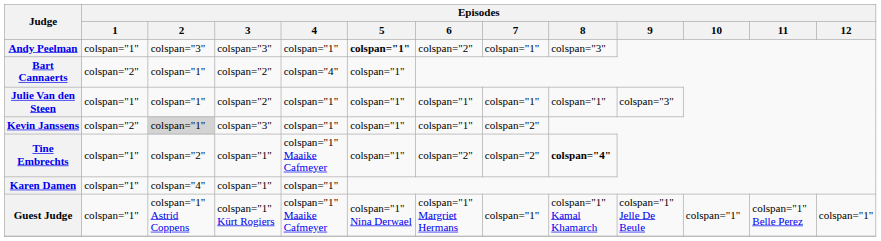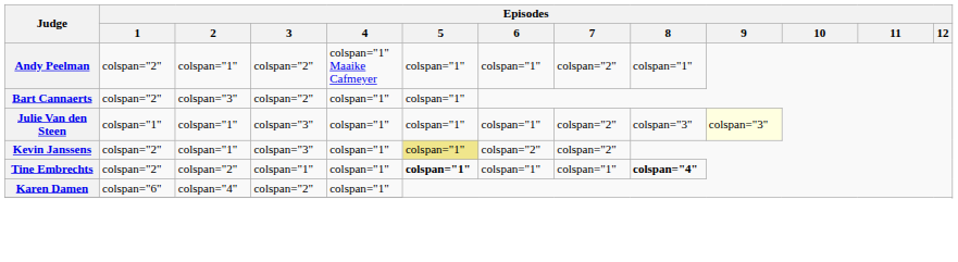 <table class="wikitable plainrowheaders collapsible mw-collapsible" style="width:100%">
 <tr>
 <th rowspan="2" style="width:10%">Judge</th>
 <th colspan="12">Episodes</th>
 </tr>
 <tr>
 <th style="width:8%">1</th>
 <th style="width:8%">2</th>
 <th style="width:8%">3</th>
 <th style="width:8%">4</th>
 <th style="width:8%">5</th>
 <th style="width:8%">6</th>
 <th style="width:8%">7</th>
 <th style="width:8%">8</th>
 <th style="width:8%">9</th>
 <th style="width:8%">10</th>
 <th style="width:8%">11</th>
 <th style="width:8%">12</th>
 </tr>
 <tr>
 <th scope="row" style="text-align:center"><a href='#'>Andy Peelman</a></th>
-<td>colspan="1" </td>
-<td>colspan="3" </td>
-<td>colspan="3" </td>
-<td>colspan="1" </td>
-<td><strong>colspan="1" </strong></td>
 <td>colspan="2" </td>
 <td>colspan="1" </td>
-<td>colspan="3" </td>
+<td>colspan="2" </td>
+<td>colspan="1"  <a href='#'>Maaike Cafmeyer</a></td>
+<td>colspan="1" </td>
+<td>colspan="1" </td>
+<td>colspan="2" </td>
+<td>colspan="1" </td>
 </tr>
 <tr>
 <th scope="row" style="text-align:center"><a href='#'>Bart Cannaerts</a></th>
 <td>colspan="2" </td>
+<td>colspan="3" </td>
+<td>colspan="2" </td>
 <td>colspan="1" </td>
-<td>colspan="2" </td>
-<td>colspan="4" </td>
 <td>colspan="1" </td>
 </tr>
 <tr>
 <th scope="row" style="text-align:center"><a href='#'>Julie Van den Steen</a></th>
 <td>colspan="1" </td>
 <td>colspan="1" </td>
-<td>colspan="2" </td>
-<td>colspan="1" </td>
-<td>colspan="1" </td>
-<td>colspan="1" </td>
-<td>colspan="1" </td>
-<td>colspan="1" </td>
-<td>colspan="3" </td>
-</tr>
-<tr>
-<th scope="row" style="text-align:center"><a href='#'>Kevin Janssens</a></th>
-<td>colspan="2" </td>
-<td style="background: lightgrey;">colspan="1" </td>
 <td>colspan="3" </td>
 <td>colspan="1" </td>
 <td>colspan="1" </td>
 <td>colspan="1" </td>
 <td>colspan="2" </td>
+<td>colspan="3" </td>
+<td style="background: lightyellow;">colspan="3" </td>
+</tr>
+<tr>
+<th scope="row" style="text-align:center"><a href='#'>Kevin Janssens</a></th>
+<td>colspan="2" </td>
+<td>colspan="1" </td>
+<td>colspan="3" </td>
+<td>colspan="1" </td>
+<td style="background: khaki;">colspan="1" </td>
+<td>colspan="2" </td>
+<td>colspan="2" </td>
 </tr>
 <tr>
 <th scope="row" style="text-align:center"><a href='#'>Tine Embrechts</a></th>
-<td>colspan="1" </td>
+<td>colspan="2" </td>
 <td>colspan="2" </td>
 <td>colspan="1" </td>
-<td>colspan="1"  <a href='#'>Maaike Cafmeyer</a></td>
 <td>colspan="1" </td>
-<td>colspan="2" </td>
-<td>colspan="2" </td>
+<td><strong>colspan="1" </strong></td>
+<td>colspan="1" </td>
+<td>colspan="1" </td>
 <td><strong>colspan="4" </strong></td>
 </tr>
 <tr>
 <th scope="row" style="text-align:center"><a href='#'>Karen Damen</a></th>
-<td>colspan="1" </td>
+<td>colspan="6" </td>
 <td>colspan="4" </td>
-<td>colspan="1" </td>
-<td>colspan="1" </td>
-</tr>
-<tr>
-<th scope="row" style="text-align:center">Guest Judge</th>
-<td>colspan="1" </td>
-<td>colspan="1"  <a href='#'>Astrid Coppens</a></td>
-<td>colspan="1"  <a href='#'>Kürt Rogiers</a></td>
-<td>colspan="1"  <a href='#'>Maaike Cafmeyer</a></td>
-<td>colspan="1"  <a href='#'>Nina Derwael</a></td>
-<td>colspan="1"  <a href='#'>Margriet Hermans</a></td>
-<td>colspan="1" </td>
-<td>colspan="1"  <a href='#'>Kamal Khamarch</a></td>
-<td>colspan="1"  <a href='#'>Jelle De Beule</a></td>
-<td>colspan="1" </td>
-<td>colspan="1"  <a href='#'>Belle Perez</a></td>
+<td>colspan="2" </td>
 <td>colspan="1" </td>
 </tr>
 <tr>
 </tr>
 </table>
